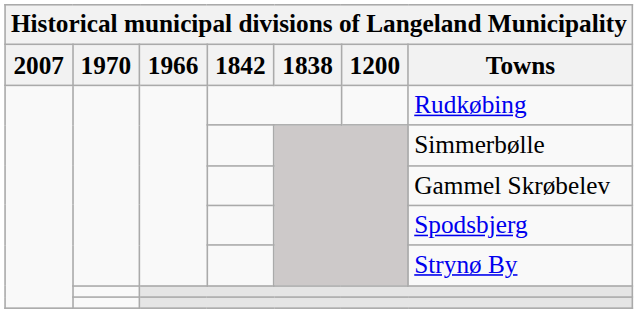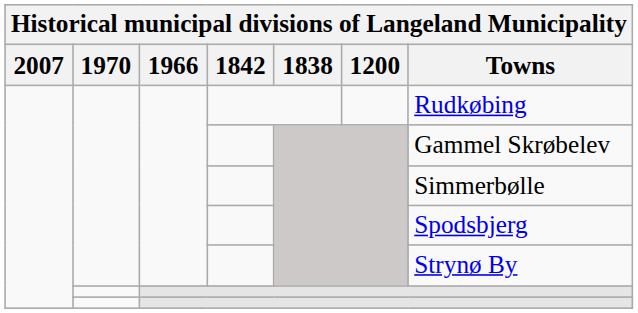 <table class="wikitable" style="margin-left:1em;" style="text-align: center">
 <tr>
 <th colspan="99">Historical municipal divisions of Langeland Municipality</th>
 </tr>
 <tr>
 <th>2007</th>
 <th>1970</th>
 <th>1966</th>
 <th>1842</th>
 <th>1838</th>
 <th>1200</th>
 <th>Towns</th>
 </tr>
 <tr>
 <td rowspan="99"></td>
 <td rowspan="5"></td>
 <td rowspan="5"></td>
 <td colspan="2"></td>
 <td></td>
 <td><a href='#'>Rudkøbing</a></td>
 </tr>
 <tr>
 <td></td>
 <td rowspan="4" colspan="2" style="background:#CDC9C9;"></td>
-<td>Simmerbølle</td>
+<td>Gammel Skrøbelev</td>
 </tr>
 <tr>
 <td></td>
-<td>Gammel Skrøbelev</td>
+<td>Simmerbølle</td>
 </tr>
 <tr>
 <td></td>
 <td><a href='#'>Spodsbjerg</a></td>
 </tr>
 <tr>
 <td></td>
 <td><a href='#'>Strynø By</a></td>
 </tr>
 <tr>
 <td></td>
 <td colspan="6" style="background:#E5E5E5;"></td>
 </tr>
 <tr>
 <td></td>
 <td colspan="6" style="background:#E5E5E5;"></td>
 </tr>
 </table>
